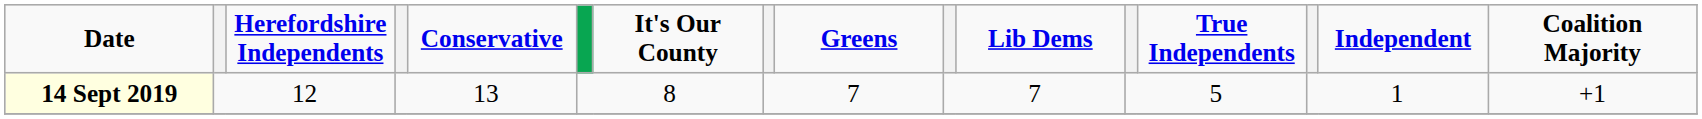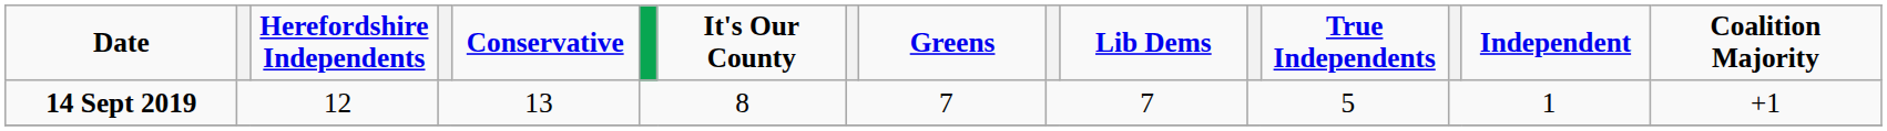 <table class="wikitable" border="1" style="text-align:left; padding-left:1em">
 <tr>
 <td width=125 align="center"><strong>Date</strong></td>
 <th style="background-color: "></th>
 <td width=100 align="center"><strong><a href='#'>Herefordshire Independents</a></strong></td>
 <th style="background-color: "></th>
 <td width=100 align="center"><strong><a href='#'>Conservative</a></strong></td>
 <th style="background-color: #08A651; width: 3px;"></th>
 <td width=100 align="center"><strong>It's Our County</strong></td>
 <th style="background-color: "></th>
 <td width=100 align="center"><strong><a href='#'>Greens</a></strong></td>
 <th style="background-color: "></th>
 <td width=100 align="center"><strong><a href='#'>Lib Dems</a></strong></td>
 <th style="background-color: "></th>
 <td width=100 align="center"><strong><a href='#'>True Independents</a></strong></td>
 <th style="background-color: "></th>
 <td width=100 align="center"><strong><a href='#'>Independent</a></strong></td>
 <td width=125 align="center"><strong>Coalition Majority</strong></td>
 </tr>
 <tr>
-<td align="center" style="background: lightyellow;"><strong>14 Sept 2019</strong></td>
+<td align="center"><strong>14 Sept 2019</strong></td>
 <td colspan="2" align="center">12</td>
 <td colspan="2" align="center">13</td>
 <td colspan="2" align="center">8</td>
 <td colspan="2" align="center">7</td>
 <td colspan="2" align="center">7</td>
 <td colspan="2" align="center">5</td>
 <td colspan="2" align="center">1</td>
 <td colspan="2" align="center">+1</td>
 </tr>
 <tr>
 </tr>
 </table>
